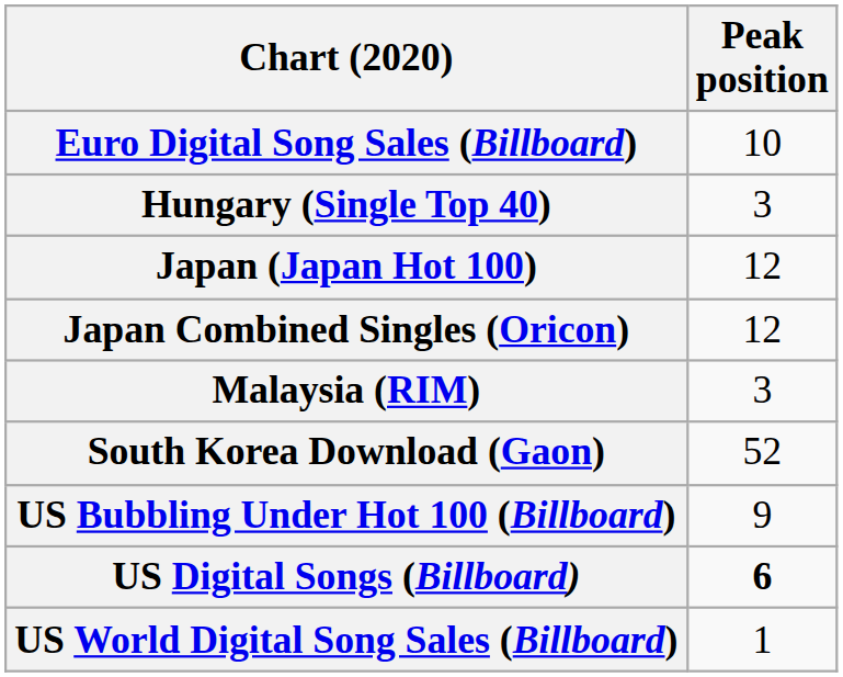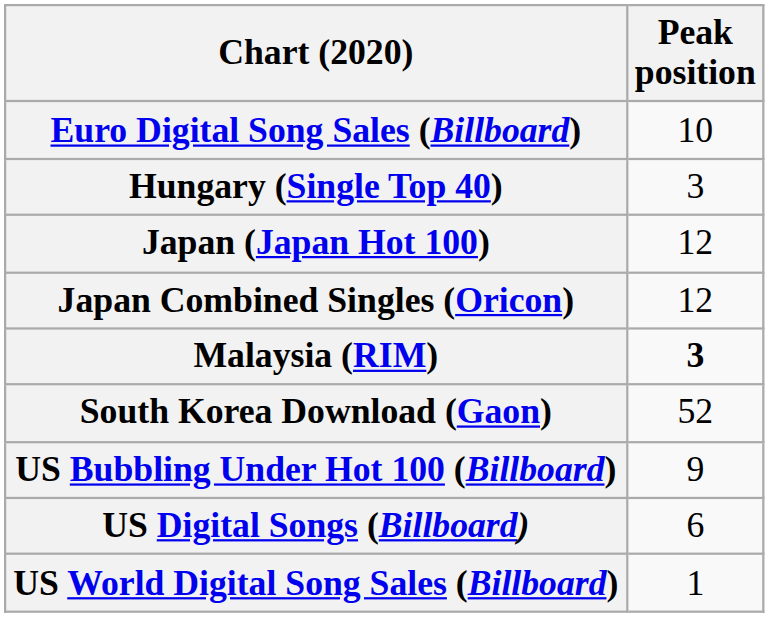 <table class="wikitable sortable plainrowheaders" style="text-align:center">
 <tr>
 <th scope="col">Chart (2020)</th>
 <th scope="col">Peak<br>position</th>
 </tr>
 <tr>
 <th scope="row"><a href='#'>Euro Digital Song Sales</a> (<em><a href='#'>Billboard</a></em>)</th>
 <td>10</td>
 </tr>
 <tr>
 <th scope="row">Hungary (<a href='#'>Single Top 40</a>)</th>
 <td>3</td>
 </tr>
 <tr>
 <th scope="row">Japan (<a href='#'>Japan Hot 100</a>)</th>
 <td>12</td>
 </tr>
 <tr>
 <th scope="row">Japan Combined Singles (<a href='#'>Oricon</a>)</th>
 <td>12</td>
 </tr>
 <tr>
 <th scope="row">Malaysia (<a href='#'>RIM</a>)</th>
-<td>3</td>
+<td><strong>3</strong></td>
 </tr>
 <tr>
 <th scope="row">South Korea Download (<a href='#'>Gaon</a>)</th>
 <td>52</td>
 </tr>
 <tr>
 <th scope="row">US <a href='#'>Bubbling Under Hot 100</a> (<em><a href='#'>Billboard</a></em>)</th>
 <td>9</td>
 </tr>
 <tr>
 <th scope="row">US <a href='#'>Digital Songs</a> (<em><a href='#'>Billboard</a>)</em></th>
-<td><strong>6</strong></td>
+<td>6</td>
 </tr>
 <tr>
 <th scope="row">US <a href='#'>World Digital Song Sales</a> (<em><a href='#'>Billboard</a></em>)</th>
 <td>1</td>
 </tr>
 </table>
